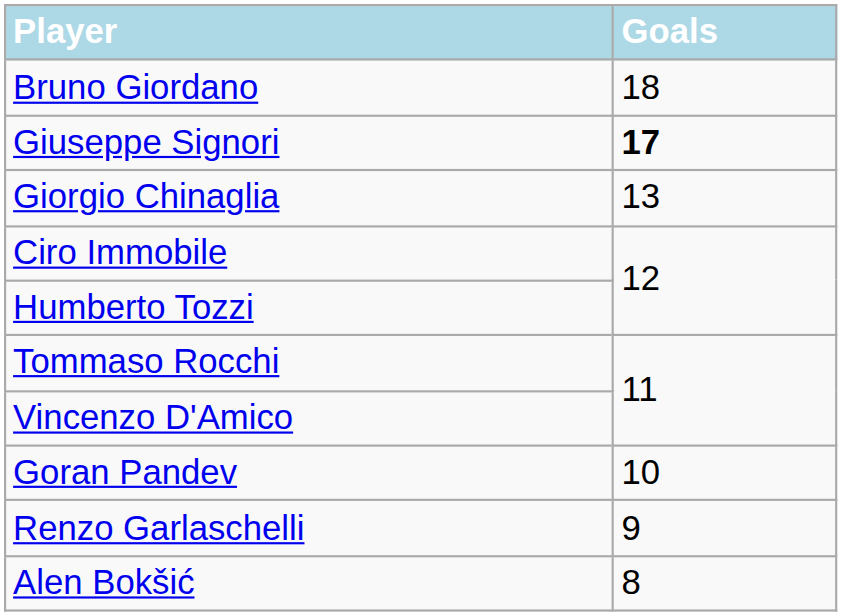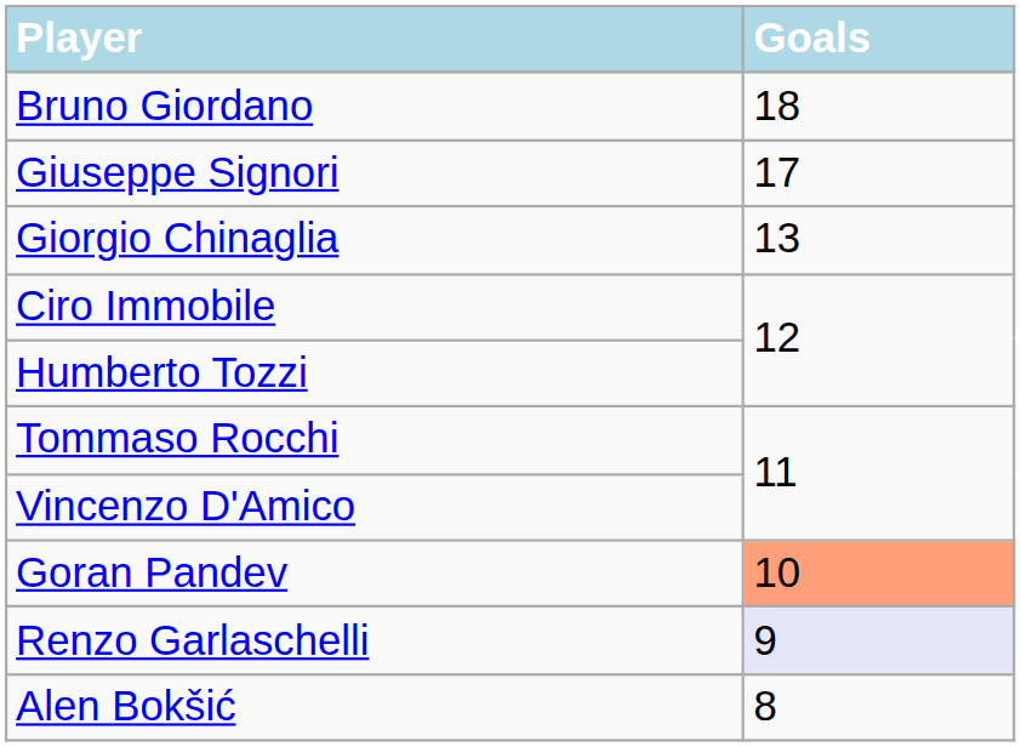 <table class="wikitable" style=" width: 24em; ">
 <tr style="background:lightblue;color:white">
 <td><strong>Player</strong></td>
 <td><strong>Goals</strong></td>
 </tr>
 <tr>
 <td> <a href='#'>Bruno Giordano</a></td>
 <td>18</td>
 </tr>
 <tr>
 <td> <a href='#'>Giuseppe Signori</a></td>
-<td><strong>17</strong></td>
+<td>17</td>
 </tr>
 <tr>
 <td> <a href='#'>Giorgio Chinaglia</a></td>
 <td>13</td>
 </tr>
 <tr>
 <td> <a href='#'>Ciro Immobile</a></td>
 <td rowspan=2>12</td>
 </tr>
 <tr>
 <td>  <a href='#'>Humberto Tozzi</a></td>
 </tr>
 <tr>
 <td> <a href='#'>Tommaso Rocchi</a></td>
 <td rowspan=2>11</td>
 </tr>
 <tr>
 <td> <a href='#'>Vincenzo D'Amico</a></td>
 </tr>
 <tr>
 <td> <a href='#'>Goran Pandev</a></td>
-<td>10</td>
+<td style="background: lightsalmon;">10</td>
 </tr>
 <tr>
 <td> <a href='#'>Renzo Garlaschelli</a></td>
-<td>9</td>
+<td style="background: lavender;">9</td>
 </tr>
 <tr>
 <td> <a href='#'>Alen Bokšić</a></td>
 <td>8</td>
 </tr>
 </table>
